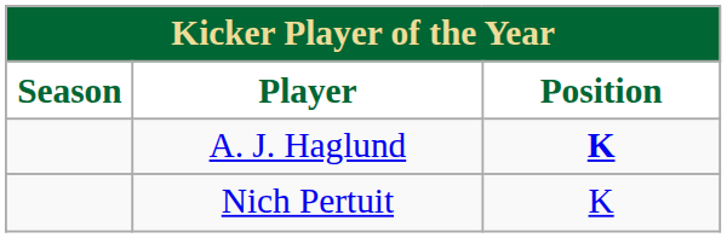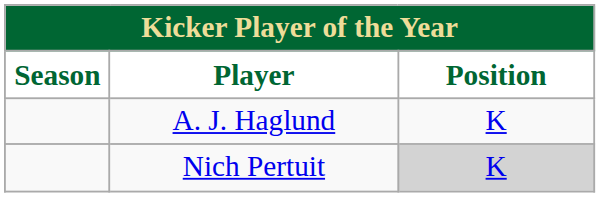 <table class="wikitable sortable" style="text-align:center">
 <tr>
 <td colspan="4" style="background:#063; color:	#ed9;"><strong>Kicker Player of the Year</strong></td>
 </tr>
 <tr>
 <th style="width:50px; background:white; color:#063;">Season</th>
 <th style="width:150px; background:white; color:#063;">Player</th>
 <th style="width:100px; background:white; color:#063;">Position</th>
 </tr>
 <tr>
 <td></td>
 <td><a href='#'>A. J. Haglund</a></td>
-<td><strong><a href='#'>K</a></strong></td>
+<td><a href='#'>K</a></td>
 </tr>
 <tr>
 <td></td>
 <td><a href='#'>Nich Pertuit</a></td>
-<td><a href='#'>K</a></td>
+<td style="background: lightgrey;"><a href='#'>K</a></td>
 </tr>
 </table>
